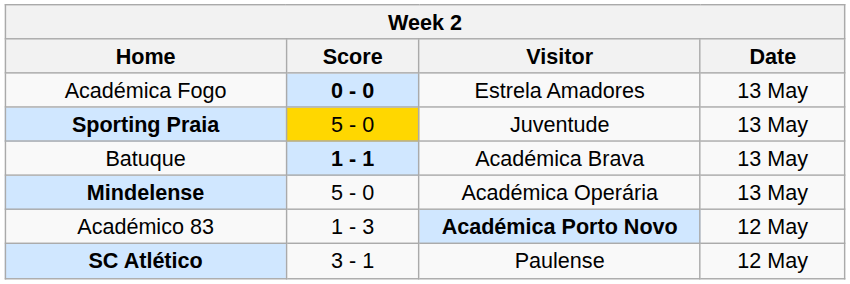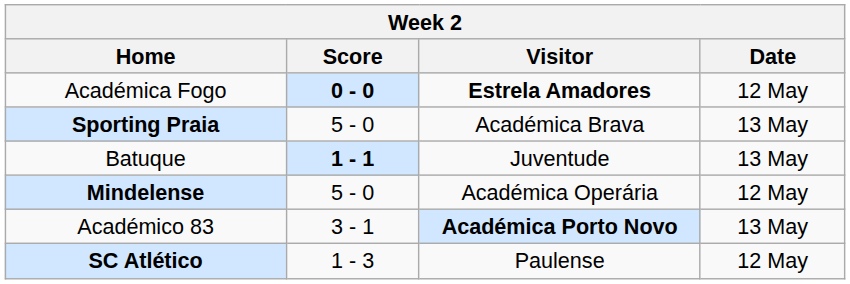 <table class="wikitable" style="font-size:95%; text-align: center; width: 95%; margin:1em auto;">
 <tr>
 <th colspan="12" style="with: 100%;">Week 2</th>
 </tr>
 <tr>
 <th width="200">Home</th>
 <th width="90">Score</th>
 <th width="200">Visitor</th>
 <th width="100">Date</th>
 </tr>
 <tr>
 <td>Académica Fogo</td>
 <td bgcolor=#D0E7FF><strong>0 - 0</strong></td>
-<td>Estrela Amadores</td>
-<td>13 May</td>
+<td><strong>Estrela Amadores</strong></td>
+<td>12 May</td>
 </tr>
 <tr>
 <td bgcolor=#D0E7FF><strong>Sporting Praia</strong></td>
-<td style="background: gold;">5 - 0</td>
-<td>Juventude</td>
+<td>5 - 0</td>
+<td>Académica Brava</td>
 <td>13 May</td>
 </tr>
 <tr>
 <td>Batuque</td>
 <td bgcolor=#D0E7FF><strong>1 - 1</strong></td>
-<td>Académica Brava</td>
+<td>Juventude</td>
 <td>13 May</td>
 </tr>
 <tr>
 <td bgcolor=#D0E7FF><strong>Mindelense</strong></td>
 <td>5 - 0</td>
 <td>Académica Operária</td>
+<td>12 May</td>
+</tr>
+<tr>
+<td>Académico 83</td>
+<td>3 - 1</td>
+<td bgcolor=#D0E7FF><strong>Académica Porto Novo</strong></td>
 <td>13 May</td>
 </tr>
 <tr>
-<td>Académico 83</td>
+<td bgcolor=#D0E7FF><strong>SC Atlético</strong></td>
 <td>1 - 3</td>
-<td bgcolor=#D0E7FF><strong>Académica Porto Novo</strong></td>
-<td>12 May</td>
-</tr>
-<tr>
-<td bgcolor=#D0E7FF><strong>SC Atlético</strong></td>
-<td>3 - 1</td>
 <td>Paulense</td>
 <td>12 May</td>
 </tr>
 </table>
